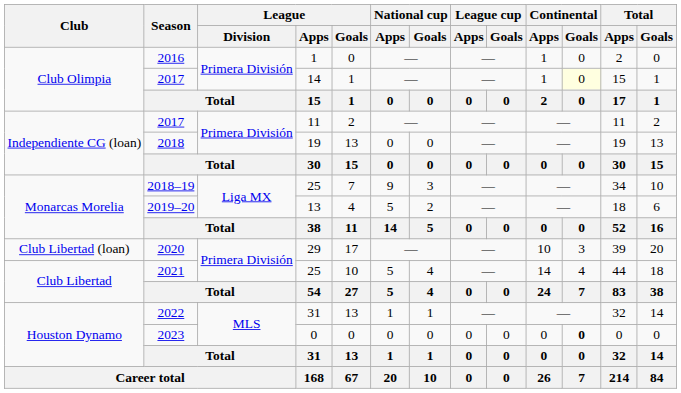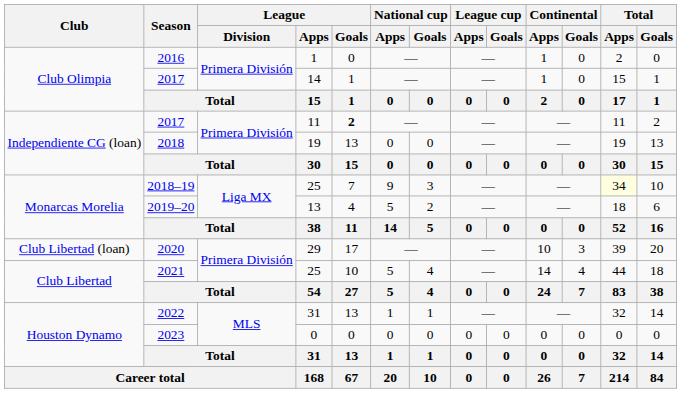 <table class="wikitable" style="text-align:center">
 <tr>
 <th rowspan="2">Club</th>
 <th rowspan="2">Season</th>
 <th colspan="3">League</th>
 <th colspan="2">National cup</th>
 <th colspan="2">League cup</th>
 <th colspan="2">Continental</th>
 <th colspan="2">Total</th>
 </tr>
 <tr>
 <th>Division</th>
 <th>Apps</th>
 <th>Goals</th>
 <th>Apps</th>
 <th>Goals</th>
 <th>Apps</th>
 <th>Goals</th>
 <th>Apps</th>
 <th>Goals</th>
 <th>Apps</th>
 <th>Goals</th>
 </tr>
 <tr>
 <td rowspan="3"><a href='#'>Club Olimpia</a></td>
 <td><a href='#'>2016</a></td>
 <td rowspan="2"><a href='#'>Primera División</a></td>
 <td>1</td>
 <td>0</td>
 <td colspan="2">—</td>
 <td colspan="2">—</td>
 <td>1</td>
 <td>0</td>
 <td>2</td>
 <td>0</td>
 </tr>
 <tr>
 <td><a href='#'>2017</a></td>
 <td>14</td>
 <td>1</td>
 <td colspan="2">—</td>
 <td colspan="2">—</td>
 <td>1</td>
-<td style="background: lightyellow;">0</td>
+<td>0</td>
 <td>15</td>
 <td>1</td>
 </tr>
 <tr>
 <th colspan="2">Total</th>
 <th>15</th>
 <th>1</th>
 <th>0</th>
 <th>0</th>
 <th>0</th>
 <th>0</th>
 <th>2</th>
 <th>0</th>
 <th>17</th>
 <th>1</th>
 </tr>
 <tr>
 <td rowspan="3"><a href='#'>Independiente CG</a> (loan)</td>
 <td><a href='#'>2017</a></td>
 <td rowspan="2"><a href='#'>Primera División</a></td>
 <td>11</td>
-<td>2</td>
+<td><strong>2</strong></td>
 <td colspan="2">—</td>
 <td colspan="2">—</td>
 <td colspan="2">—</td>
 <td>11</td>
 <td>2</td>
 </tr>
 <tr>
 <td><a href='#'>2018</a></td>
 <td>19</td>
 <td>13</td>
 <td>0</td>
 <td>0</td>
 <td colspan="2">—</td>
 <td colspan="2">—</td>
 <td>19</td>
 <td>13</td>
 </tr>
 <tr>
 <th colspan="2">Total</th>
 <th>30</th>
 <th>15</th>
 <th>0</th>
 <th>0</th>
 <th>0</th>
 <th>0</th>
 <th>0</th>
 <th>0</th>
 <th>30</th>
 <th>15</th>
 </tr>
 <tr>
 <td rowspan="3"><a href='#'>Monarcas Morelia</a></td>
 <td><a href='#'>2018–19</a></td>
 <td rowspan="2"><a href='#'>Liga MX</a></td>
 <td>25</td>
 <td>7</td>
 <td>9</td>
 <td>3</td>
 <td colspan="2">—</td>
 <td colspan="2">—</td>
-<td>34</td>
+<td style="background: lightyellow;">34</td>
 <td>10</td>
 </tr>
 <tr>
 <td><a href='#'>2019–20</a></td>
 <td>13</td>
 <td>4</td>
 <td>5</td>
 <td>2</td>
 <td colspan="2">—</td>
 <td colspan="2">—</td>
 <td>18</td>
 <td>6</td>
 </tr>
 <tr>
 <th colspan="2">Total</th>
 <th>38</th>
 <th>11</th>
 <th>14</th>
 <th>5</th>
 <th>0</th>
 <th>0</th>
 <th>0</th>
 <th>0</th>
 <th>52</th>
 <th>16</th>
 </tr>
 <tr>
 <td><a href='#'>Club Libertad</a> (loan)</td>
 <td><a href='#'>2020</a></td>
 <td rowspan="2"><a href='#'>Primera División</a></td>
 <td>29</td>
 <td>17</td>
 <td colspan="2">—</td>
 <td colspan="2">—</td>
 <td>10</td>
 <td>3</td>
 <td>39</td>
 <td>20</td>
 </tr>
 <tr>
 <td rowspan="2"><a href='#'>Club Libertad</a></td>
 <td><a href='#'>2021</a></td>
 <td>25</td>
 <td>10</td>
 <td>5</td>
 <td>4</td>
 <td colspan="2">—</td>
 <td>14</td>
 <td>4</td>
 <td>44</td>
 <td>18</td>
 </tr>
 <tr>
 <th colspan="2">Total</th>
 <th>54</th>
 <th>27</th>
 <th>5</th>
 <th>4</th>
 <th>0</th>
 <th>0</th>
 <th>24</th>
 <th>7</th>
 <th>83</th>
 <th>38</th>
 </tr>
 <tr>
 <td rowspan="3"><a href='#'>Houston Dynamo</a></td>
 <td><a href='#'>2022</a></td>
 <td rowspan="2"><a href='#'>MLS</a></td>
 <td>31</td>
 <td>13</td>
 <td>1</td>
 <td>1</td>
 <td colspan="2">—</td>
 <td colspan="2">—</td>
 <td>32</td>
 <td>14</td>
 </tr>
 <tr>
 <td><a href='#'>2023</a></td>
 <td>0</td>
 <td>0</td>
 <td>0</td>
 <td>0</td>
 <td>0</td>
 <td>0</td>
 <td>0</td>
-<td><strong>0</strong></td>
+<td>0</td>
 <td>0</td>
 <td>0</td>
 </tr>
 <tr>
 <th colspan="2">Total</th>
 <th>31</th>
 <th>13</th>
 <th>1</th>
 <th>1</th>
 <th>0</th>
 <th>0</th>
 <th>0</th>
 <th>0</th>
 <th>32</th>
 <th>14</th>
 </tr>
 <tr>
 <th colspan="3">Career total</th>
 <th>168</th>
 <th>67</th>
 <th>20</th>
 <th>10</th>
 <th>0</th>
 <th>0</th>
 <th>26</th>
 <th>7</th>
 <th>214</th>
 <th>84</th>
 </tr>
 </table>
